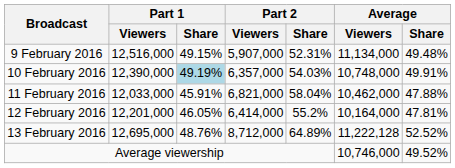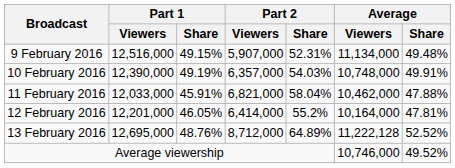 <table class="wikitable" style="font-size:100%; text-align:center">
 <tr>
 <th rowspan="2">Broadcast</th>
 <th colspan="2">Part 1</th>
 <th colspan="2">Part 2</th>
 <th colspan="2">Average</th>
 </tr>
 <tr>
 <th>Viewers</th>
 <th>Share</th>
 <th>Viewers</th>
 <th>Share</th>
 <th>Viewers</th>
 <th>Share</th>
 </tr>
 <tr>
 <td>9 February 2016</td>
 <td>12,516,000</td>
 <td>49.15%</td>
 <td>5,907,000</td>
 <td>52.31%</td>
 <td>11,134,000</td>
 <td>49.48%</td>
 </tr>
 <tr>
 <td>10 February 2016</td>
 <td>12,390,000</td>
-<td style="background: lightblue;">49.19%</td>
+<td>49.19%</td>
 <td>6,357,000</td>
 <td>54.03%</td>
 <td>10,748,000</td>
 <td>49.91%</td>
 </tr>
 <tr>
 <td>11 February 2016</td>
 <td>12,033,000</td>
 <td>45.91%</td>
 <td>6,821,000</td>
 <td>58.04%</td>
 <td>10,462,000</td>
 <td>47.88%</td>
 </tr>
 <tr>
 <td>12 February 2016</td>
 <td>12,201,000</td>
 <td>46.05%</td>
 <td>6,414,000</td>
 <td>55.2%</td>
 <td>10,164,000</td>
 <td>47.81%</td>
 </tr>
 <tr>
 <td>13 February 2016</td>
 <td>12,695,000</td>
 <td>48.76%</td>
 <td>8,712,000</td>
 <td>64.89%</td>
 <td>11,222,128</td>
 <td>52.52%</td>
 </tr>
 <tr>
 <td colspan=5>Average viewership</td>
 <td>10,746,000</td>
 <td>49.52%</td>
 </tr>
 </table>
